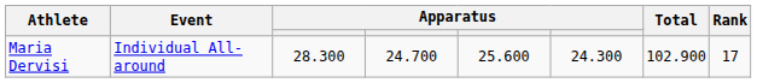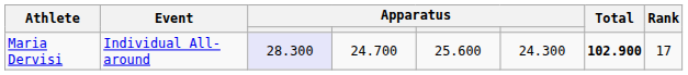 <table class="wikitable" style="font-size:90%; text-align:center">
 <tr>
 <th rowspan="2">Athlete</th>
 <th rowspan="2">Event</th>
 <th colspan="4">Apparatus</th>
 <th rowspan="2">Total</th>
 <th rowspan="2">Rank</th>
 </tr>
 <tr>
 <th style="width:6em"></th>
 <th style="width:6em"></th>
 <th style="width:6em"></th>
 <th style="width:6em"></th>
 </tr>
 <tr>
 <td align="left"><a href='#'>Maria Dervisi</a></td>
 <td align="left"><a href='#'>Individual All-around</a></td>
-<td>28.300</td>
+<td style="background: lavender;">28.300</td>
 <td>24.700</td>
 <td>25.600</td>
 <td>24.300</td>
-<td>102.900</td>
+<td><strong>102.900</strong></td>
 <td>17</td>
 </tr>
 </table>
